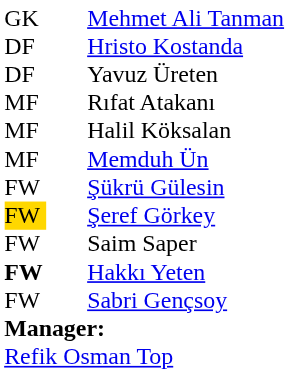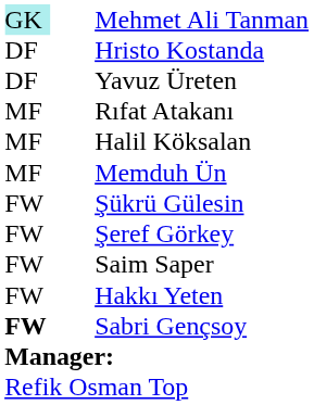 <table style="font-size:90%; margin:0.2em auto;" cellspacing="0" cellpadding="0">
 <tr>
 <th width="25"></th>
 <th width="25"></th>
 </tr>
 <tr>
-<td>GK</td>
+<td style="background: paleturquoise;">GK</td>
 <td><strong> </strong></td>
 <td> <a href='#'>Mehmet Ali Tanman</a></td>
 </tr>
 <tr>
 <td>DF</td>
 <td><strong> </strong></td>
 <td> <a href='#'>Hristo Kostanda</a></td>
 </tr>
 <tr>
 <td>DF</td>
 <td><strong> </strong></td>
 <td> Yavuz Üreten</td>
 </tr>
 <tr>
 <td>MF</td>
 <td><strong> </strong></td>
 <td> Rıfat Atakanı</td>
 </tr>
 <tr>
 <td>MF</td>
 <td><strong> </strong></td>
 <td> Halil Köksalan</td>
 </tr>
 <tr>
 <td>MF</td>
 <td><strong> </strong></td>
 <td> <a href='#'>Memduh Ün</a></td>
 </tr>
 <tr>
 <td>FW</td>
 <td><strong> </strong></td>
 <td> <a href='#'>Şükrü Gülesin</a></td>
 </tr>
 <tr>
-<td style="background: gold;">FW</td>
+<td>FW</td>
 <td><strong> </strong></td>
 <td> <a href='#'>Şeref Görkey</a></td>
 </tr>
 <tr>
 <td>FW</td>
 <td><strong> </strong></td>
 <td> Saim Saper</td>
 </tr>
 <tr>
-<td><strong>FW</strong></td>
+<td>FW</td>
 <td><strong> </strong></td>
 <td> <a href='#'>Hakkı Yeten</a></td>
 </tr>
 <tr>
-<td>FW</td>
+<td><strong>FW</strong></td>
 <td><strong> </strong></td>
 <td> <a href='#'>Sabri Gençsoy</a></td>
 </tr>
 <tr>
 <td colspan=3><strong>Manager:</strong></td>
 </tr>
 <tr>
 <td colspan=4> <a href='#'>Refik Osman Top</a></td>
 </tr>
 </table>
